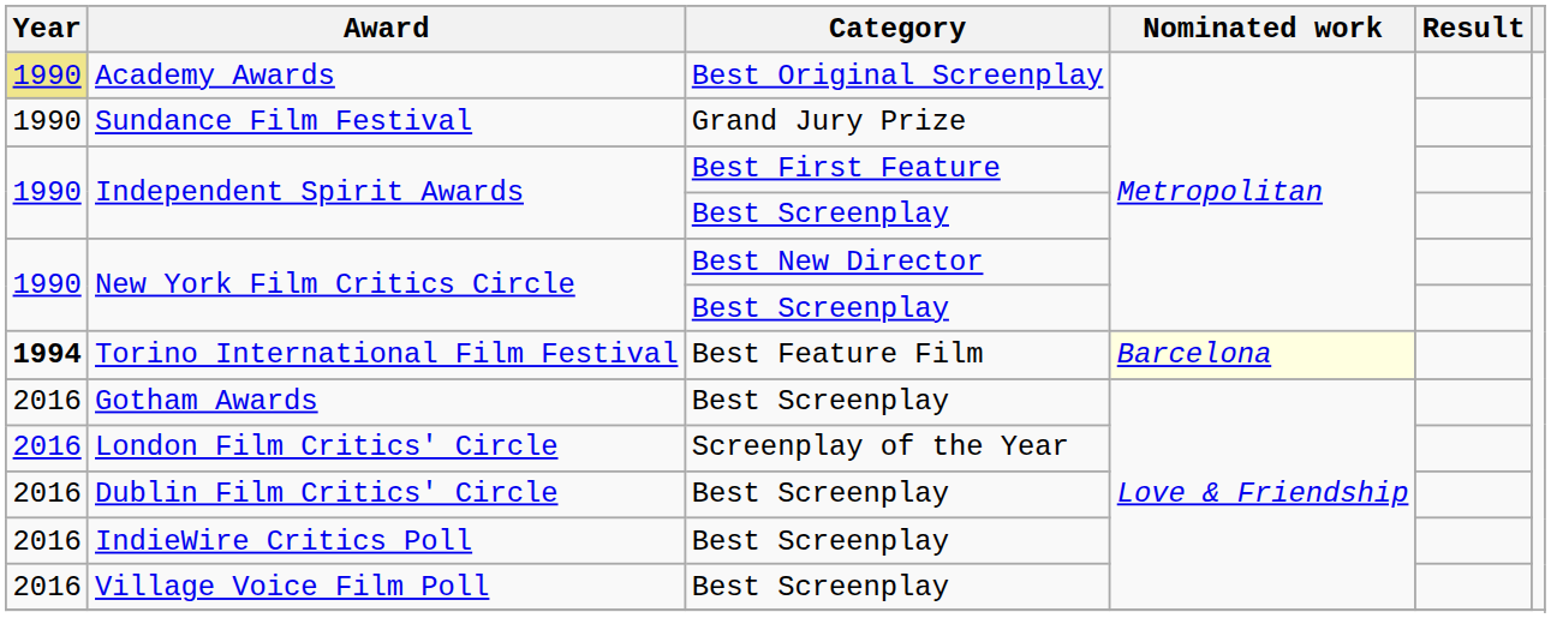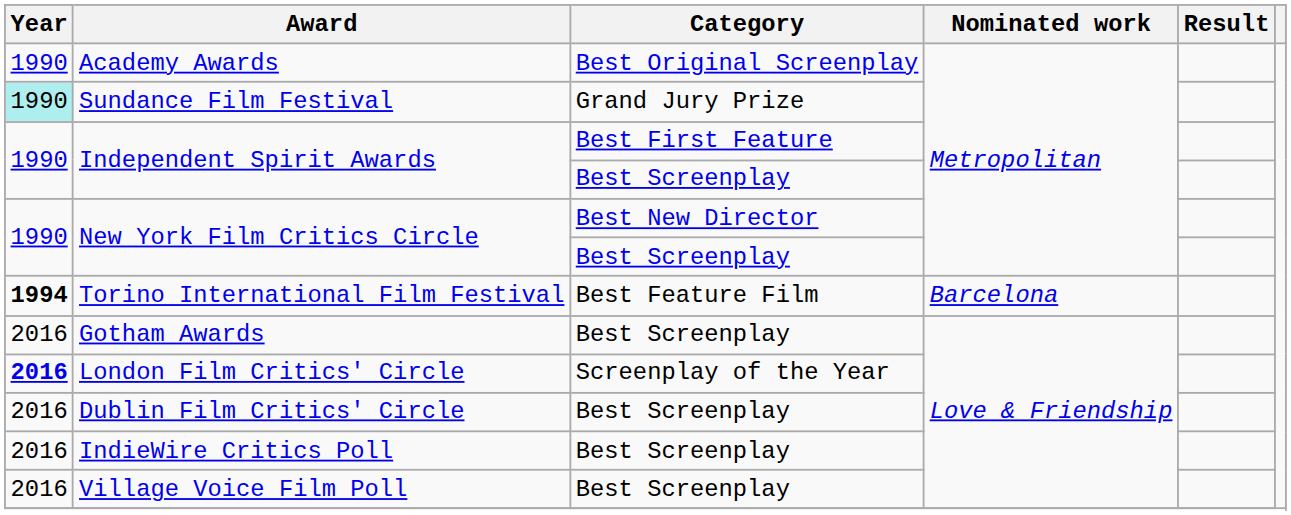 <table class="wikitable">
 <tr>
 <th>Year</th>
 <th>Award</th>
 <th>Category</th>
 <th>Nominated work</th>
 <th>Result</th>
 <th></th>
 </tr>
 <tr>
-<td style="background: khaki;"><a href='#'>1990</a></td>
+<td><a href='#'>1990</a></td>
 <td><a href='#'>Academy Awards</a></td>
 <td><a href='#'>Best Original Screenplay</a></td>
 <td rowspan=6><em><a href='#'>Metropolitan</a></em></td>
 <td></td>
 <td rowspan=15></td>
 </tr>
 <tr>
-<td>1990</td>
+<td style="background: paleturquoise;">1990</td>
 <td><a href='#'>Sundance Film Festival</a></td>
 <td>Grand Jury Prize</td>
 <td></td>
 </tr>
 <tr>
 <td rowspan=2><a href='#'>1990</a></td>
 <td rowspan=2><a href='#'>Independent Spirit Awards</a></td>
 <td><a href='#'>Best First Feature</a></td>
 <td></td>
 </tr>
 <tr>
 <td><a href='#'>Best Screenplay</a></td>
 <td></td>
 </tr>
 <tr>
 <td rowspan=2><a href='#'>1990</a></td>
 <td rowspan=2><a href='#'>New York Film Critics Circle</a></td>
 <td><a href='#'>Best New Director</a></td>
 <td></td>
 </tr>
 <tr>
 <td><a href='#'>Best Screenplay</a></td>
 <td></td>
 </tr>
 <tr>
 <td><strong>1994</strong></td>
 <td><a href='#'>Torino International Film Festival</a></td>
 <td>Best Feature Film</td>
-<td style="background: lightyellow;"><em><a href='#'>Barcelona</a></em></td>
+<td><em><a href='#'>Barcelona</a></em></td>
 <td></td>
 </tr>
 <tr>
 <td>2016</td>
 <td><a href='#'>Gotham Awards</a></td>
 <td>Best Screenplay</td>
 <td rowspan=5><em><a href='#'>Love & Friendship</a></em></td>
 <td></td>
 </tr>
 <tr>
-<td><a href='#'>2016</a></td>
+<td><strong><a href='#'>2016</a></strong></td>
 <td><a href='#'>London Film Critics' Circle</a></td>
 <td>Screenplay of the Year</td>
 <td></td>
 </tr>
 <tr>
 <td>2016</td>
 <td><a href='#'>Dublin Film Critics' Circle</a></td>
 <td>Best Screenplay</td>
 <td></td>
 </tr>
 <tr>
 <td>2016</td>
 <td><a href='#'>IndieWire Critics Poll</a></td>
 <td>Best Screenplay</td>
 <td></td>
 </tr>
 <tr>
 <td>2016</td>
 <td><a href='#'>Village Voice Film Poll</a></td>
 <td>Best Screenplay</td>
 <td></td>
 </tr>
 <tr>
 </tr>
 </table>
